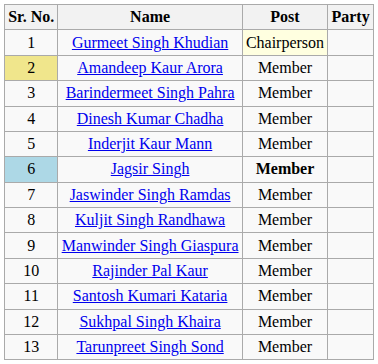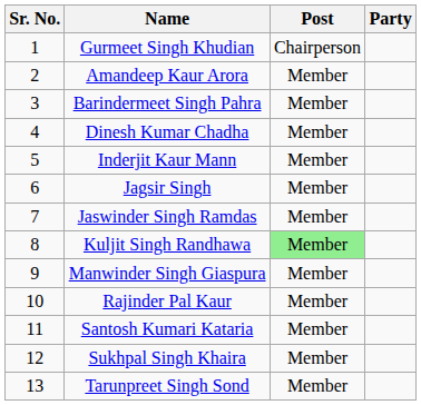 <table class="wikitable sortable">
 <tr>
 <th>Sr. No.</th>
 <th>Name</th>
 <th>Post</th>
 <th colspan="2">Party</th>
 </tr>
 <tr align="center">
 <td>1</td>
 <td><a href='#'>Gurmeet Singh Khudian</a></td>
-<td style="background: lightyellow;">Chairperson</td>
+<td>Chairperson</td>
 <td></td>
 </tr>
 <tr align="center">
-<td style="background: khaki;">2</td>
+<td>2</td>
 <td><a href='#'>Amandeep Kaur Arora</a></td>
 <td>Member</td>
 <td></td>
 </tr>
 <tr align="center">
 <td>3</td>
 <td><a href='#'>Barindermeet Singh Pahra</a></td>
 <td>Member</td>
 <td></td>
 </tr>
 <tr align="center">
 <td>4</td>
 <td><a href='#'>Dinesh Kumar Chadha</a></td>
 <td>Member</td>
 <td></td>
 </tr>
 <tr align="center">
 <td>5</td>
 <td><a href='#'>Inderjit Kaur Mann</a></td>
 <td>Member</td>
 <td></td>
 </tr>
 <tr align="center">
-<td style="background: lightblue;">6</td>
+<td>6</td>
 <td><a href='#'>Jagsir Singh</a></td>
-<td><strong>Member</strong></td>
+<td>Member</td>
 <td></td>
 </tr>
 <tr align="center">
 <td>7</td>
 <td><a href='#'>Jaswinder Singh Ramdas</a></td>
 <td>Member</td>
 <td></td>
 </tr>
 <tr align="center">
 <td>8</td>
 <td><a href='#'>Kuljit Singh Randhawa</a></td>
-<td>Member</td>
+<td style="background: lightgreen;">Member</td>
 <td></td>
 </tr>
 <tr align="center">
 <td>9</td>
 <td><a href='#'>Manwinder Singh Giaspura</a></td>
 <td>Member</td>
 <td></td>
 </tr>
 <tr align="center">
 <td>10</td>
 <td><a href='#'>Rajinder Pal Kaur</a></td>
 <td>Member</td>
 <td></td>
 </tr>
 <tr align="center">
 <td>11</td>
 <td><a href='#'>Santosh Kumari Kataria</a></td>
 <td>Member</td>
 <td></td>
 </tr>
 <tr align="center">
 <td>12</td>
 <td><a href='#'>Sukhpal Singh Khaira</a></td>
 <td>Member</td>
 <td></td>
 </tr>
 <tr align="center">
 <td>13</td>
 <td><a href='#'>Tarunpreet Singh Sond</a></td>
 <td>Member</td>
 <td></td>
 </tr>
 </table>
